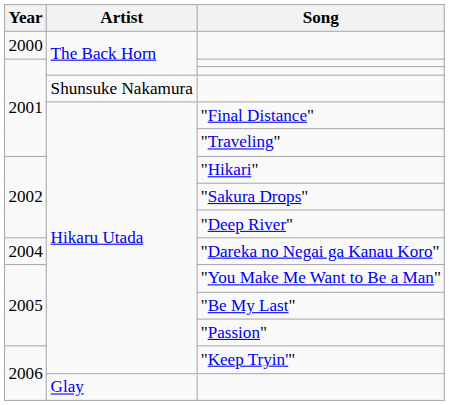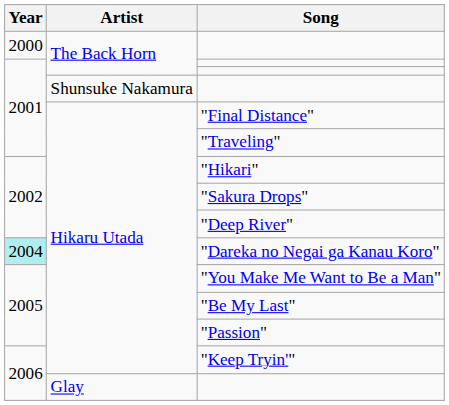 <table class=wikitable border="1">
 <tr align=center>
 <th>Year</th>
 <th>Artist</th>
 <th>Song</th>
 </tr>
 <tr align=left>
 <td>2000</td>
 <td rowspan="3"><a href='#'>The Back Horn</a></td>
 <td></td>
 </tr>
 <tr align=left>
 <td rowspan="5">2001</td>
 <td></td>
 </tr>
 <tr align=left>
 <td></td>
 </tr>
 <tr align=left>
 <td rowspan="1">Shunsuke Nakamura</td>
 <td></td>
 </tr>
 <tr align=left>
 <td rowspan="10"><a href='#'>Hikaru Utada</a></td>
 <td>"<a href='#'>Final Distance</a>"</td>
 </tr>
 <tr align=left>
 <td>"<a href='#'>Traveling</a>"</td>
 </tr>
 <tr align=left>
 <td rowspan="3">2002</td>
 <td>"<a href='#'>Hikari</a>"</td>
 </tr>
 <tr align=left>
 <td>"<a href='#'>Sakura Drops</a>"</td>
 </tr>
 <tr align=left>
 <td>"<a href='#'>Deep River</a>"</td>
 </tr>
 <tr align=left>
-<td>2004</td>
+<td style="background: paleturquoise;">2004</td>
 <td>"<a href='#'>Dareka no Negai ga Kanau Koro</a>"</td>
 </tr>
 <tr align=left>
 <td rowspan="3">2005</td>
 <td>"<a href='#'>You Make Me Want to Be a Man</a>"</td>
 </tr>
 <tr align=left>
 <td>"<a href='#'>Be My Last</a>"</td>
 </tr>
 <tr align=left>
 <td>"<a href='#'>Passion</a>"</td>
 </tr>
 <tr align=left>
 <td rowspan="2">2006</td>
 <td>"<a href='#'>Keep Tryin'</a>"</td>
 </tr>
 <tr align=left>
 <td><a href='#'>Glay</a></td>
 <td></td>
 </tr>
 </table>
